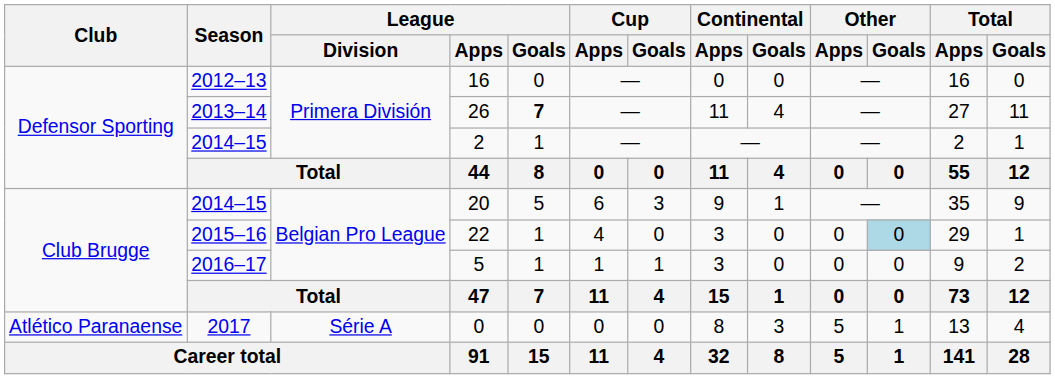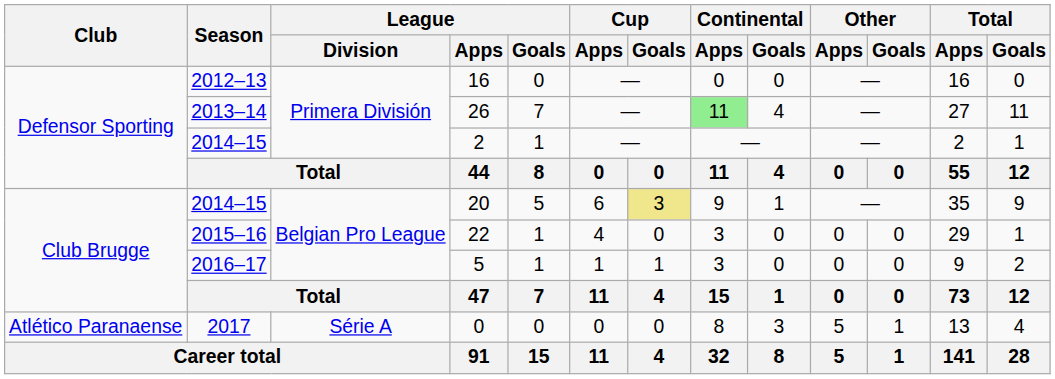 <table class="wikitable" style="text-align: center;">
 <tr>
 <th rowspan="2">Club</th>
 <th rowspan="2">Season</th>
 <th colspan="3">League</th>
 <th colspan="2">Cup</th>
 <th colspan="2">Continental</th>
 <th colspan="2">Other</th>
 <th colspan="2">Total</th>
 </tr>
 <tr>
 <th>Division</th>
 <th>Apps</th>
 <th>Goals</th>
 <th>Apps</th>
 <th>Goals</th>
 <th>Apps</th>
 <th>Goals</th>
 <th>Apps</th>
 <th>Goals</th>
 <th>Apps</th>
 <th>Goals</th>
 </tr>
 <tr>
 <td rowspan="4"><a href='#'>Defensor Sporting</a></td>
 <td><a href='#'>2012–13</a></td>
 <td rowspan="3"><a href='#'>Primera División</a></td>
 <td>16</td>
 <td>0</td>
 <td colspan="2">—</td>
 <td>0</td>
 <td>0</td>
 <td colspan="2">—</td>
 <td>16</td>
 <td>0</td>
 </tr>
 <tr>
 <td><a href='#'>2013–14</a></td>
 <td>26</td>
-<td><strong>7</strong></td>
+<td>7</td>
 <td colspan="2">—</td>
-<td>11</td>
+<td style="background: lightgreen;">11</td>
 <td>4</td>
 <td colspan="2">—</td>
 <td>27</td>
 <td>11</td>
 </tr>
 <tr>
 <td><a href='#'>2014–15</a></td>
 <td>2</td>
 <td>1</td>
 <td colspan="2">—</td>
 <td colspan="2">—</td>
 <td colspan="2">—</td>
 <td>2</td>
 <td>1</td>
 </tr>
 <tr>
 <th colspan="2">Total</th>
 <th>44</th>
 <th>8</th>
 <th>0</th>
 <th>0</th>
 <th>11</th>
 <th>4</th>
 <th>0</th>
 <th>0</th>
 <th>55</th>
 <th>12</th>
 </tr>
 <tr>
 <td rowspan="4"><a href='#'>Club Brugge</a></td>
 <td><a href='#'>2014–15</a></td>
 <td rowspan="3"><a href='#'>Belgian Pro League</a></td>
 <td>20</td>
 <td>5</td>
 <td>6</td>
-<td>3</td>
+<td style="background: khaki;">3</td>
 <td>9</td>
 <td>1</td>
 <td colspan="2">—</td>
 <td>35</td>
 <td>9</td>
 </tr>
 <tr>
 <td><a href='#'>2015–16</a></td>
 <td>22</td>
 <td>1</td>
 <td>4</td>
 <td>0</td>
 <td>3</td>
 <td>0</td>
 <td>0</td>
-<td style="background: lightblue;">0</td>
+<td>0</td>
 <td>29</td>
 <td>1</td>
 </tr>
 <tr>
 <td><a href='#'>2016–17</a></td>
 <td>5</td>
 <td>1</td>
 <td>1</td>
 <td>1</td>
 <td>3</td>
 <td>0</td>
 <td>0</td>
 <td>0</td>
 <td>9</td>
 <td>2</td>
 </tr>
 <tr>
 <th colspan="2">Total</th>
 <th>47</th>
 <th>7</th>
 <th>11</th>
 <th>4</th>
 <th>15</th>
 <th>1</th>
 <th>0</th>
 <th>0</th>
 <th>73</th>
 <th>12</th>
 </tr>
 <tr>
 <td><a href='#'>Atlético Paranaense</a></td>
 <td><a href='#'>2017</a></td>
 <td><a href='#'>Série A</a></td>
 <td>0</td>
 <td>0</td>
 <td>0</td>
 <td>0</td>
 <td>8</td>
 <td>3</td>
 <td>5</td>
 <td>1</td>
 <td>13</td>
 <td>4</td>
 </tr>
 <tr>
 <th colspan="3">Career total</th>
 <th>91</th>
 <th>15</th>
 <th>11</th>
 <th>4</th>
 <th>32</th>
 <th>8</th>
 <th>5</th>
 <th>1</th>
 <th>141</th>
 <th>28</th>
 </tr>
 </table>
